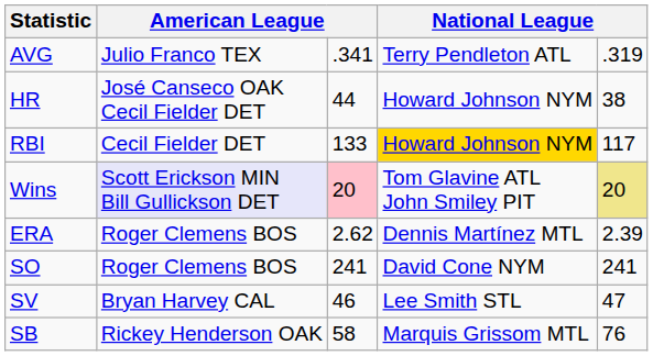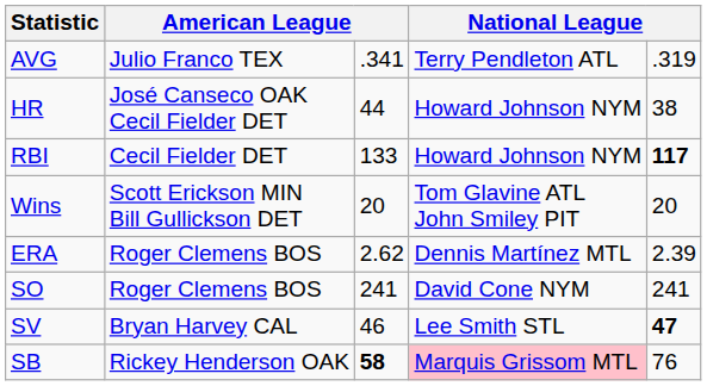 <table class="wikitable">
 <tr>
 <th>Statistic</th>
 <th colspan=2><a href='#'>American League</a></th>
 <th colspan=2><a href='#'>National League</a></th>
 </tr>
 <tr>
 <td><a href='#'>AVG</a></td>
 <td><a href='#'>Julio Franco</a> TEX</td>
 <td>.341</td>
 <td><a href='#'>Terry Pendleton</a> ATL</td>
 <td>.319</td>
 </tr>
 <tr>
 <td><a href='#'>HR</a></td>
 <td><a href='#'>José Canseco</a> OAK<br><a href='#'>Cecil Fielder</a> DET</td>
 <td>44</td>
 <td><a href='#'>Howard Johnson</a> NYM</td>
 <td>38</td>
 </tr>
 <tr>
 <td><a href='#'>RBI</a></td>
 <td><a href='#'>Cecil Fielder</a> DET</td>
 <td>133</td>
-<td style="background: gold;"><a href='#'>Howard Johnson</a> NYM</td>
-<td>117</td>
+<td><a href='#'>Howard Johnson</a> NYM</td>
+<td><strong>117</strong></td>
 </tr>
 <tr>
 <td><a href='#'>Wins</a></td>
-<td style="background: lavender;"><a href='#'>Scott Erickson</a> MIN<br><a href='#'>Bill Gullickson</a> DET</td>
-<td style="background: pink;">20</td>
+<td><a href='#'>Scott Erickson</a> MIN<br><a href='#'>Bill Gullickson</a> DET</td>
+<td>20</td>
 <td><a href='#'>Tom Glavine</a> ATL<br><a href='#'>John Smiley</a> PIT</td>
-<td style="background: khaki;">20</td>
+<td>20</td>
 </tr>
 <tr>
 <td><a href='#'>ERA</a></td>
 <td><a href='#'>Roger Clemens</a> BOS</td>
 <td>2.62</td>
 <td><a href='#'>Dennis Martínez</a> MTL</td>
 <td>2.39</td>
 </tr>
 <tr>
 <td><a href='#'>SO</a></td>
 <td><a href='#'>Roger Clemens</a> BOS</td>
 <td>241</td>
 <td><a href='#'>David Cone</a> NYM</td>
 <td>241</td>
 </tr>
 <tr>
 <td><a href='#'>SV</a></td>
 <td><a href='#'>Bryan Harvey</a> CAL</td>
 <td>46</td>
 <td><a href='#'>Lee Smith</a> STL</td>
-<td>47</td>
+<td><strong>47</strong></td>
 </tr>
 <tr>
 <td><a href='#'>SB</a></td>
 <td><a href='#'>Rickey Henderson</a> OAK</td>
-<td>58</td>
-<td><a href='#'>Marquis Grissom</a> MTL</td>
+<td><strong>58</strong></td>
+<td style="background: pink;"><a href='#'>Marquis Grissom</a> MTL</td>
 <td>76</td>
 </tr>
 </table>
